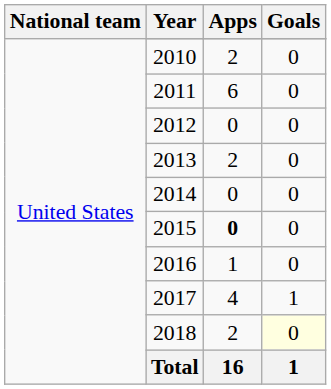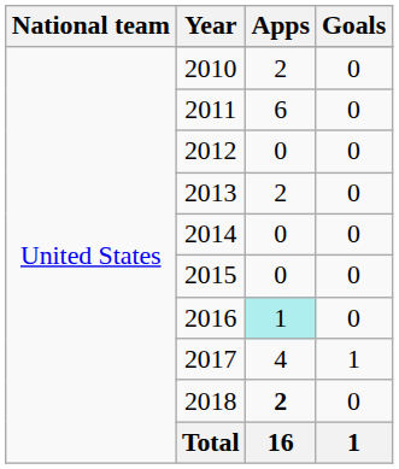 <table class="wikitable" style="text-align: center">
 <tr>
 <th>National team</th>
 <th>Year</th>
 <th>Apps</th>
 <th>Goals</th>
 </tr>
 <tr>
 <td rowspan="11"><a href='#'>United States</a></td>
 </tr>
 <tr>
 <td>2010</td>
 <td>2</td>
 <td>0</td>
 </tr>
 <tr>
 <td>2011</td>
 <td>6</td>
 <td>0</td>
 </tr>
 <tr>
 <td>2012</td>
 <td>0</td>
 <td>0</td>
 </tr>
 <tr>
 <td>2013</td>
 <td>2</td>
 <td>0</td>
 </tr>
 <tr>
 <td>2014</td>
 <td>0</td>
 <td>0</td>
 </tr>
 <tr>
 <td>2015</td>
-<td><strong>0</strong></td>
+<td>0</td>
 <td>0</td>
 </tr>
 <tr>
 <td>2016</td>
-<td>1</td>
+<td style="background: paleturquoise;">1</td>
 <td>0</td>
 </tr>
 <tr>
 <td>2017</td>
 <td>4</td>
 <td>1</td>
 </tr>
 <tr>
 <td>2018</td>
-<td>2</td>
-<td style="background: lightyellow;">0</td>
+<td><strong>2</strong></td>
+<td>0</td>
 </tr>
 <tr>
 <th colspan=1>Total</th>
 <th>16</th>
 <th>1</th>
 </tr>
 </table>
